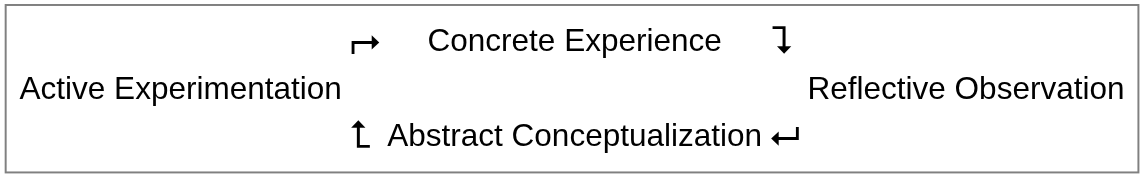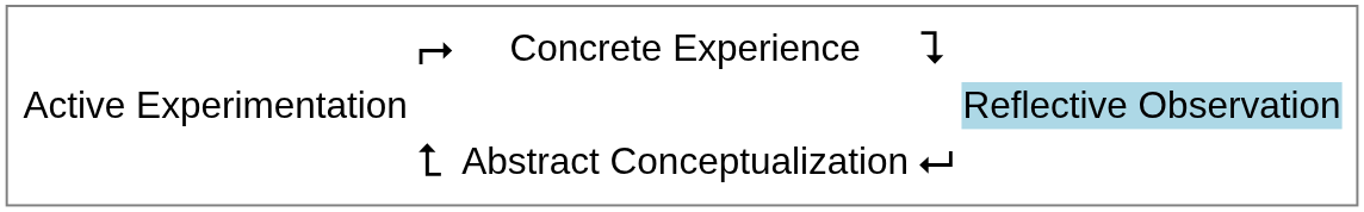 <table align=center style="border:1px solid gray; padding:4px">
 <tr>
 <td></td>
 <td><big>⮣</big></td>
 <td align=center>Concrete Experience</td>
 <td><big>⮧</big></td>
 <td></td>
 </tr>
 <tr>
 <td>Active Experimentation</td>
 <td></td>
 <td></td>
 <td></td>
-<td>Reflective Observation</td>
+<td style="background: lightblue;">Reflective Observation</td>
 </tr>
 <tr>
 <td></td>
 <td><big>⮤</big></td>
 <td>Abstract Conceptualization</td>
 <td><big>⮠</big></td>
 <td></td>
 </tr>
 </table>
